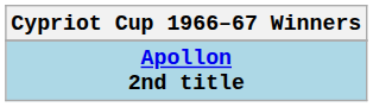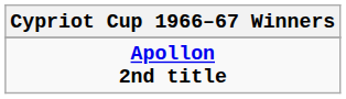 <table class="wikitable" style="text-align:center;margin: 0 auto;">
 <tr>
 <th>Cypriot Cup 1966–67 Winners</th>
 </tr>
 <tr>
 </tr>
 <tr>
-<td style="background: lightblue;"><strong><a href='#'>Apollon</a></strong><br><strong>2nd title</strong></td>
+<td><strong><a href='#'>Apollon</a></strong><br><strong>2nd title</strong></td>
 </tr>
 </table>
